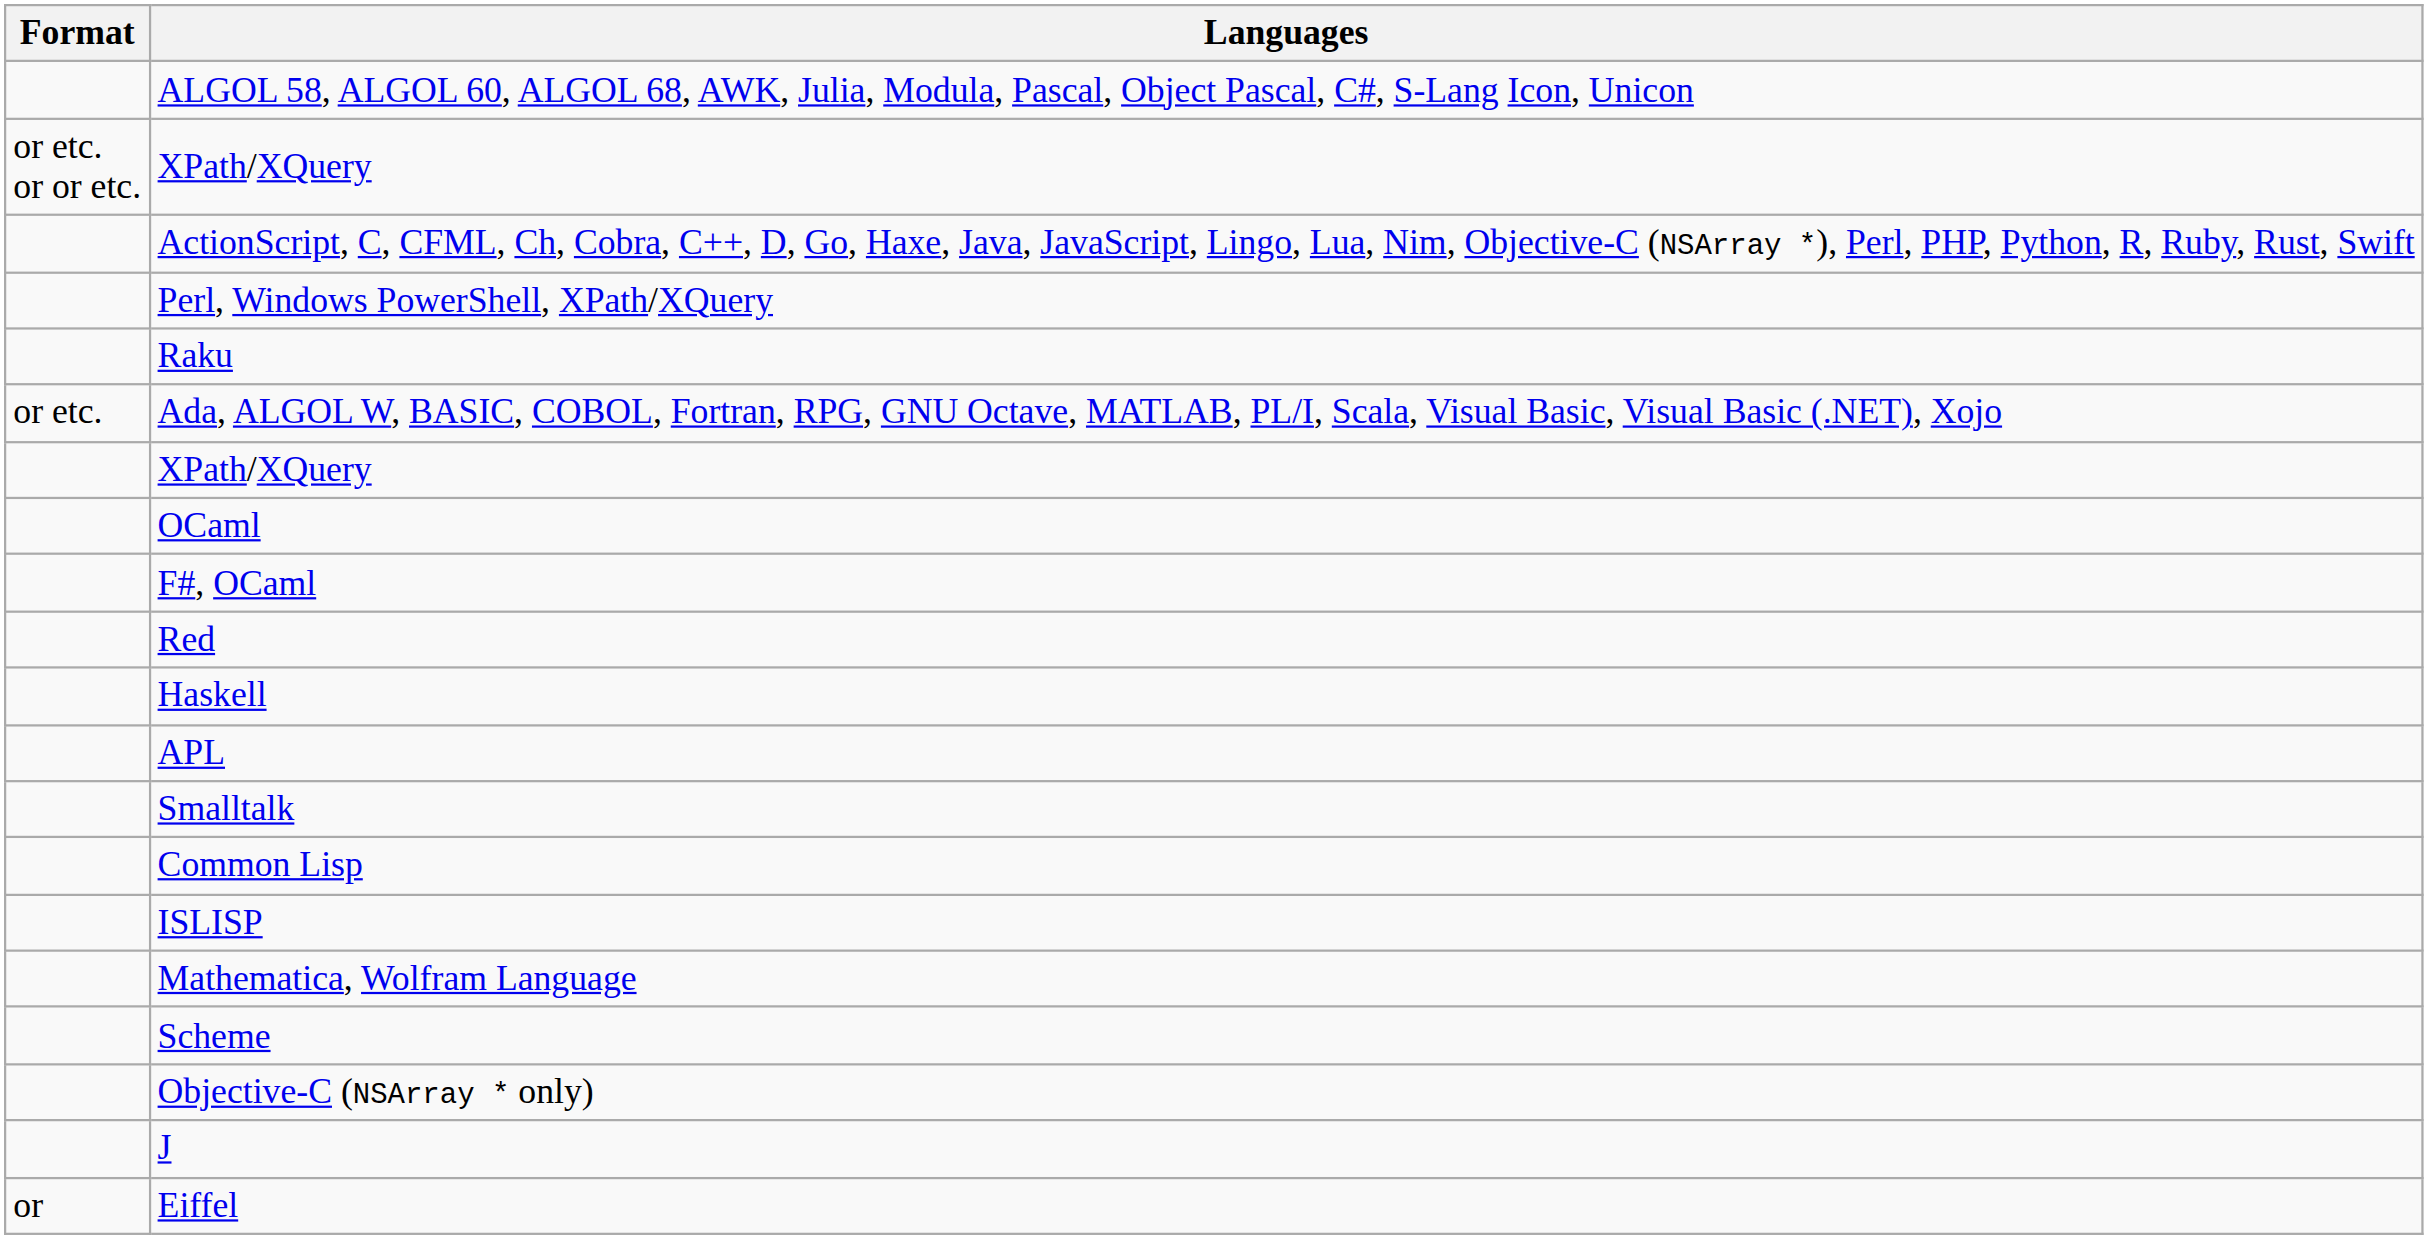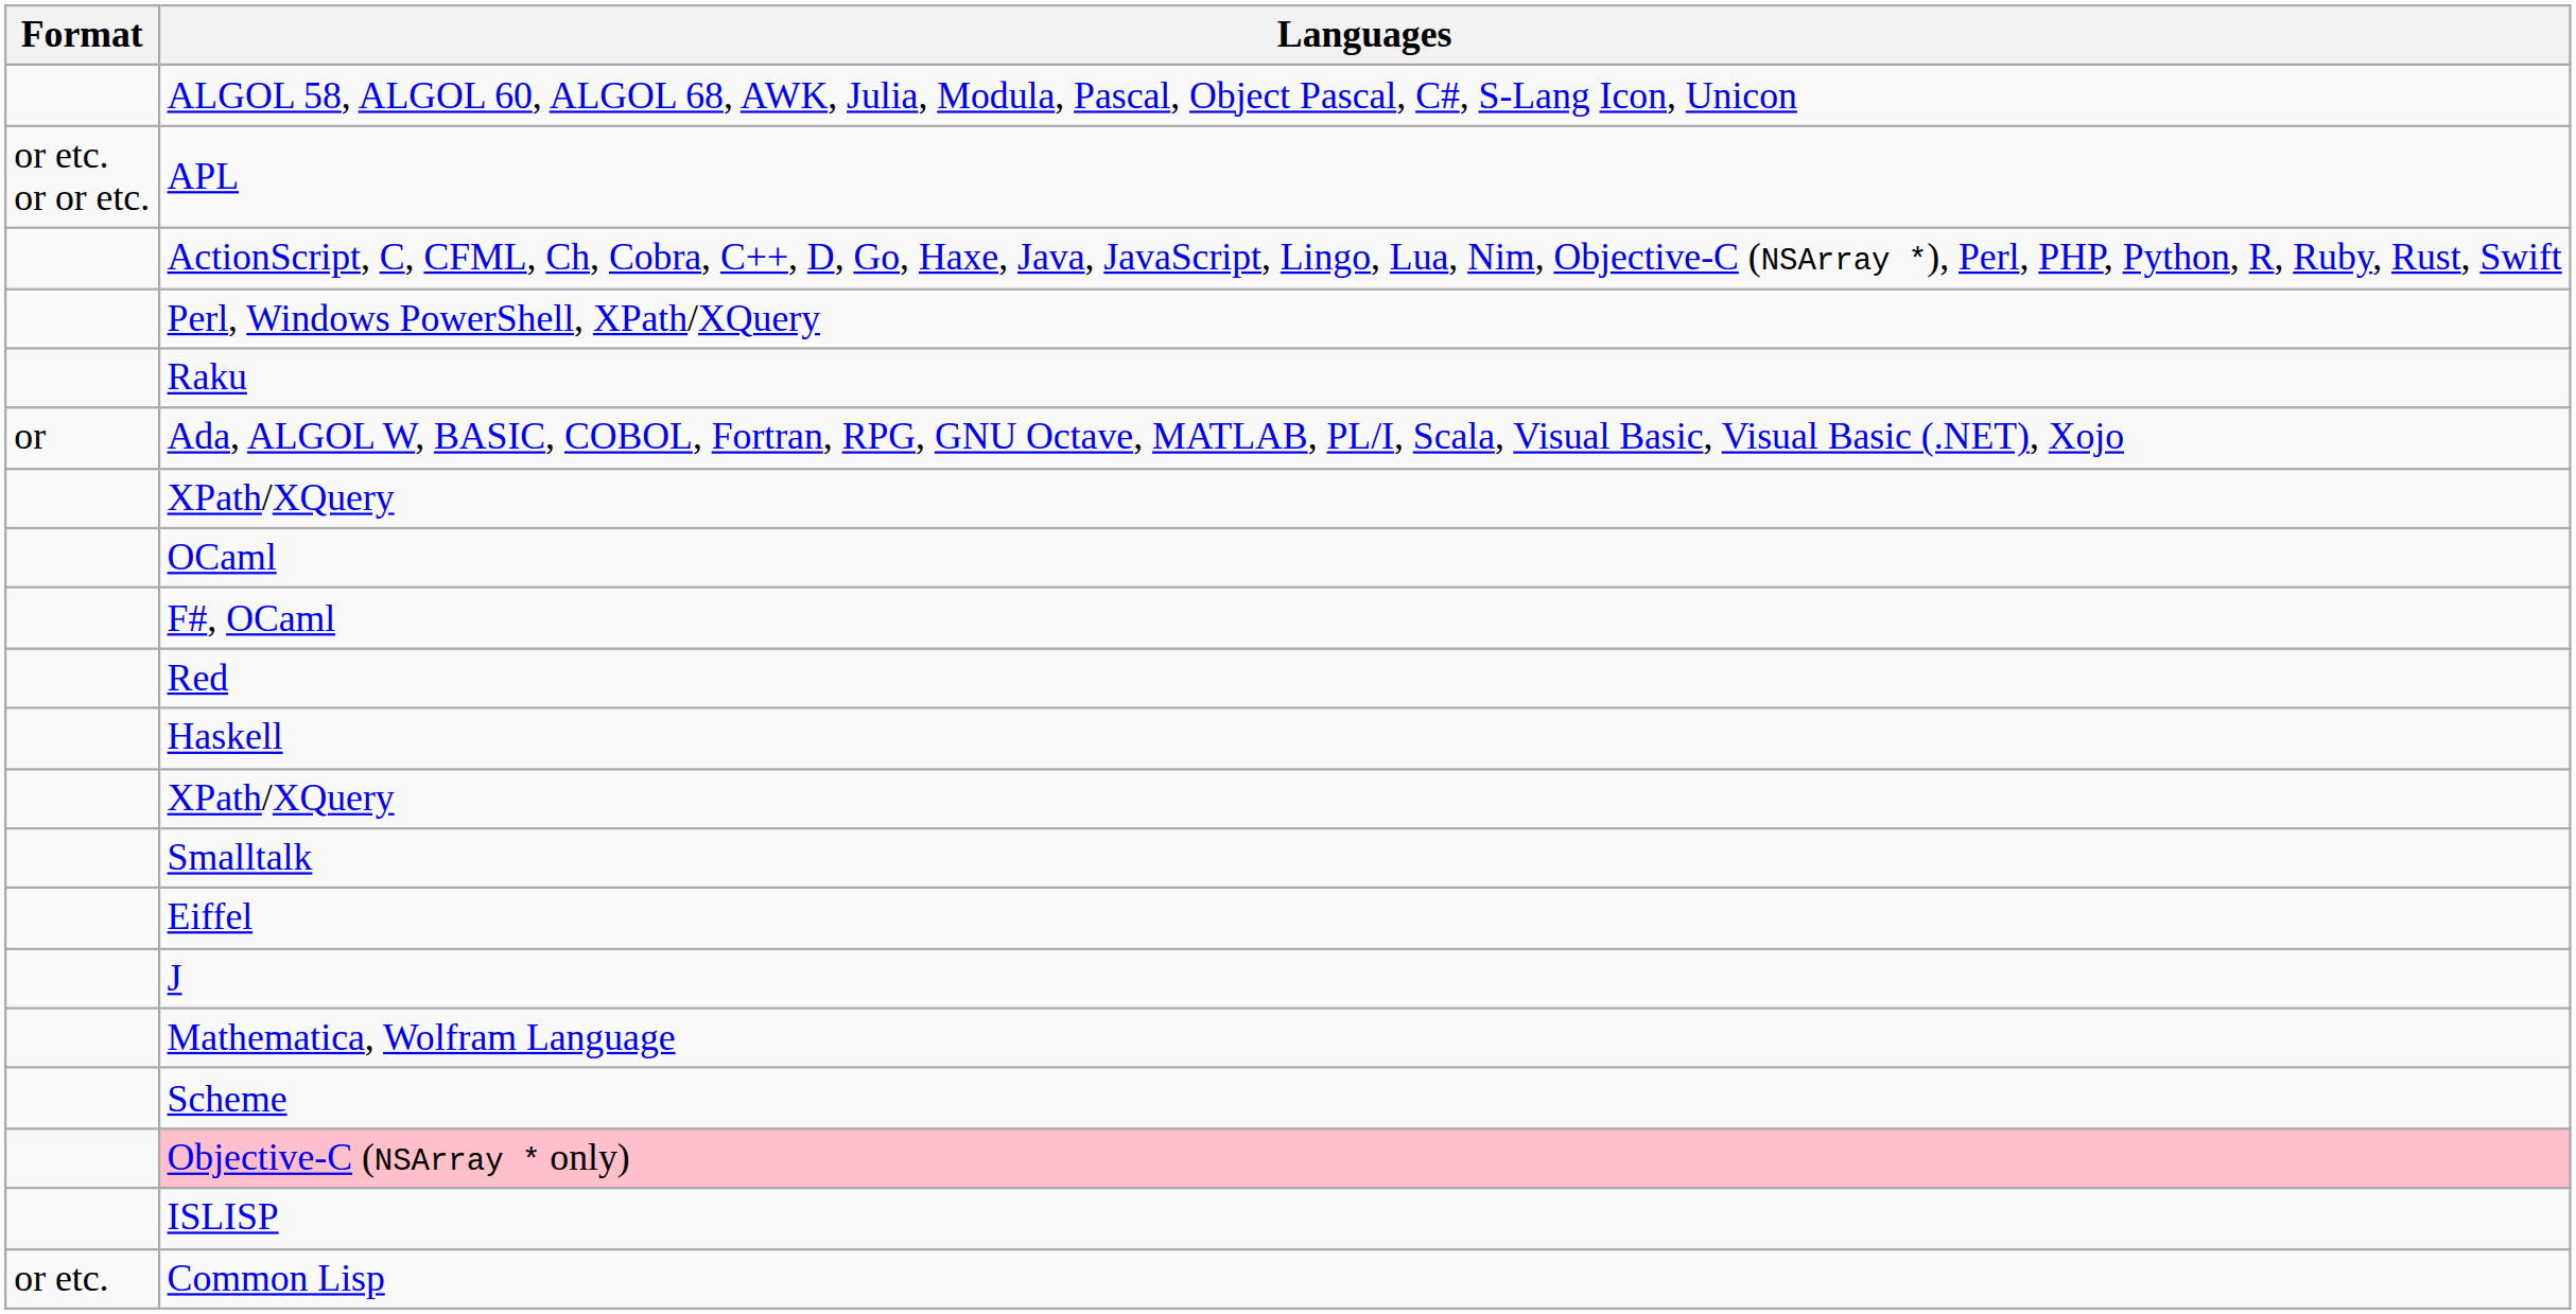 <table class="wikitable">
 <tr>
 <th scope="col">Format</th>
 <th scope="col">Languages</th>
 </tr>
 <tr>
 <td></td>
 <td><a href='#'>ALGOL 58</a>,  <a href='#'>ALGOL 60</a>,  <a href='#'>ALGOL 68</a>, <a href='#'>AWK</a>, <a href='#'>Julia</a>, <a href='#'>Modula</a>, <a href='#'>Pascal</a>, <a href='#'>Object Pascal</a>, <a href='#'>C#</a>, <a href='#'>S-Lang</a> <a href='#'>Icon</a>, <a href='#'>Unicon</a></td>
 </tr>
 <tr>
 <td> or  etc.<br>or  or  etc.</td>
-<td><a href='#'>XPath</a>/<a href='#'>XQuery</a></td>
+<td><a href='#'>APL</a></td>
 </tr>
 <tr>
 <td></td>
 <td><a href='#'>ActionScript</a>, <a href='#'>C</a>, <a href='#'>CFML</a>, <a href='#'>Ch</a>, <a href='#'>Cobra</a>, <a href='#'>C++</a>, <a href='#'>D</a>, <a href='#'>Go</a>, <a href='#'>Haxe</a>, <a href='#'>Java</a>,  <a href='#'>JavaScript</a>, <a href='#'>Lingo</a>, <a href='#'>Lua</a>, <a href='#'>Nim</a>, <a href='#'>Objective-C</a> (<code>NSArray *</code>), <a href='#'>Perl</a>, <a href='#'>PHP</a>, <a href='#'>Python</a>,  <a href='#'>R</a>, <a href='#'>Ruby</a>, <a href='#'>Rust</a>, <a href='#'>Swift</a></td>
 </tr>
 <tr>
 <td></td>
 <td><a href='#'>Perl</a>, <a href='#'>Windows PowerShell</a>, <a href='#'>XPath</a>/<a href='#'>XQuery</a></td>
 </tr>
 <tr>
 <td></td>
 <td><a href='#'>Raku</a></td>
 </tr>
 <tr>
-<td> or  etc.</td>
+<td> or </td>
 <td><a href='#'>Ada</a>, <a href='#'>ALGOL W</a>, <a href='#'>BASIC</a>, <a href='#'>COBOL</a>, <a href='#'>Fortran</a>, <a href='#'>RPG</a>, <a href='#'>GNU Octave</a>, <a href='#'>MATLAB</a>, <a href='#'>PL/I</a>, <a href='#'>Scala</a>, <a href='#'>Visual Basic</a>, <a href='#'>Visual Basic (.NET)</a>, <a href='#'>Xojo</a></td>
 </tr>
 <tr>
 <td></td>
 <td><a href='#'>XPath</a>/<a href='#'>XQuery</a></td>
 </tr>
 <tr>
 <td></td>
 <td><a href='#'>OCaml</a></td>
 </tr>
 <tr>
 <td></td>
 <td><a href='#'>F#</a>, <a href='#'>OCaml</a></td>
 </tr>
 <tr>
 <td></td>
 <td><a href='#'>Red</a></td>
 </tr>
 <tr>
 <td></td>
 <td><a href='#'>Haskell</a></td>
 </tr>
 <tr>
 <td></td>
-<td><a href='#'>APL</a></td>
+<td><a href='#'>XPath</a>/<a href='#'>XQuery</a></td>
 </tr>
 <tr>
 <td></td>
 <td><a href='#'>Smalltalk</a></td>
 </tr>
 <tr>
 <td></td>
-<td><a href='#'>Common Lisp</a></td>
+<td><a href='#'>Eiffel</a></td>
 </tr>
 <tr>
 <td></td>
-<td><a href='#'>ISLISP</a></td>
+<td><a href='#'>J</a></td>
 </tr>
 <tr>
 <td></td>
 <td><a href='#'>Mathematica</a>, <a href='#'>Wolfram Language</a></td>
 </tr>
 <tr>
 <td></td>
 <td><a href='#'>Scheme</a></td>
 </tr>
 <tr>
 <td></td>
-<td><a href='#'>Objective-C</a> (<code>NSArray *</code> only)</td>
+<td style="background: pink;"><a href='#'>Objective-C</a> (<code>NSArray *</code> only)</td>
 </tr>
 <tr>
 <td></td>
-<td><a href='#'>J</a></td>
+<td><a href='#'>ISLISP</a></td>
 </tr>
 <tr>
-<td> or </td>
-<td><a href='#'>Eiffel</a></td>
+<td> or  etc.</td>
+<td><a href='#'>Common Lisp</a></td>
 </tr>
 </table>
